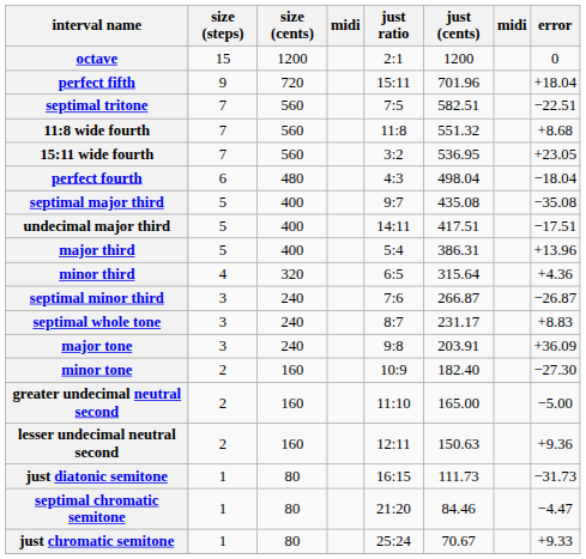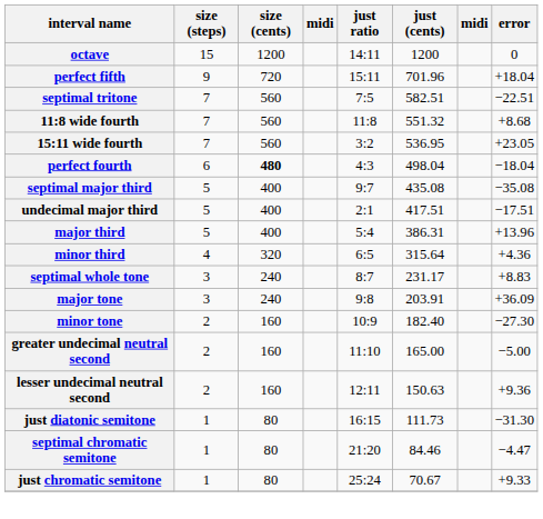 <table class="wikitable sortable">
 <tr>
 <th scope="col">interval name</th>
 <th scope="col">size (steps)</th>
 <th scope="col">size (cents)</th>
 <th scope="col">midi</th>
 <th scope="col">just ratio</th>
 <th scope="col">just (cents)</th>
 <th scope="col">midi</th>
 <th scope="col">error</th>
 </tr>
 <tr>
 <th scope="row"><a href='#'>octave</a></th>
 <td align=center>15</td>
 <td align=center>1200</td>
 <td align=center></td>
-<td align=center>2:1</td>
+<td align=center>14:11</td>
 <td align=center>1200</td>
 <td align=center></td>
 <td align=center>0</td>
 </tr>
 <tr>
 <th scope="row"><a href='#'>perfect fifth</a></th>
 <td align=center>9</td>
 <td align=center>720</td>
 <td align=center></td>
 <td align=center>15:11</td>
 <td align=center>701.96</td>
 <td align=center></td>
 <td align=center>+18.04</td>
 </tr>
 <tr>
 <th scope="row"><a href='#'>septimal tritone</a></th>
 <td align=center>7</td>
 <td align=center>560</td>
 <td align=center></td>
 <td align=center>7:5</td>
 <td align=center>582.51</td>
 <td align=center></td>
 <td align=center>−22.51</td>
 </tr>
 <tr>
 <th scope="row">11:8 wide fourth</th>
 <td align=center>7</td>
 <td align=center>560</td>
 <td align=center></td>
 <td align=center>11:8</td>
 <td align=center>551.32</td>
 <td align=center></td>
 <td align=center>+8.68</td>
 </tr>
 <tr>
 <th scope="row">15:11 wide fourth</th>
 <td align=center>7</td>
 <td align=center>560</td>
 <td align=center></td>
 <td align=center>3:2</td>
 <td align=center>536.95</td>
 <td align=center></td>
 <td align=center>+23.05</td>
 </tr>
 <tr>
 <th scope="row"><a href='#'>perfect fourth</a></th>
 <td align=center>6</td>
-<td align=center>480</td>
+<td align=center><strong>480</strong></td>
 <td align=center></td>
 <td align=center>4:3</td>
 <td align=center>498.04</td>
 <td align=center></td>
 <td align=center>−18.04</td>
 </tr>
 <tr>
 <th scope="row"><a href='#'>septimal major third</a></th>
 <td align=center>5</td>
 <td align=center>400</td>
 <td align=center></td>
 <td align=center>9:7</td>
 <td align=center>435.08</td>
 <td align=center></td>
 <td align=center>−35.08</td>
 </tr>
 <tr>
 <th scope="row">undecimal major third</th>
 <td align=center>5</td>
 <td align=center>400</td>
 <td align=center></td>
-<td align=center>14:11</td>
+<td align=center>2:1</td>
 <td align=center>417.51</td>
 <td align=center></td>
 <td align=center>−17.51</td>
 </tr>
 <tr>
 <th scope="row"><a href='#'>major third</a></th>
 <td align=center>5</td>
 <td align=center>400</td>
 <td align=center></td>
 <td align=center>5:4</td>
 <td align=center>386.31</td>
 <td align=center></td>
 <td align=center>+13.96</td>
 </tr>
 <tr>
 <th scope="row"><a href='#'>minor third</a></th>
 <td align=center>4</td>
 <td align=center>320</td>
 <td align=center></td>
 <td align=center>6:5</td>
 <td align=center>315.64</td>
 <td align=center></td>
 <td align=center>+4.36</td>
-</tr>
-<tr>
-<th scope="row"><a href='#'>septimal minor third</a></th>
-<td align=center>3</td>
-<td align=center>240</td>
-<td align=center></td>
-<td align=center>7:6</td>
-<td align=center>266.87</td>
-<td align=center></td>
-<td align=center>−26.87</td>
 </tr>
 <tr>
 <th scope="row"><a href='#'>septimal whole tone</a></th>
 <td align=center>3</td>
 <td align=center>240</td>
 <td align=center></td>
 <td align=center>8:7</td>
 <td align=center>231.17</td>
 <td align=center></td>
 <td align=center>+8.83</td>
 </tr>
 <tr>
 <th scope="row"><a href='#'>major tone</a></th>
 <td align=center>3</td>
 <td align=center>240</td>
 <td align=center></td>
 <td align=center>9:8</td>
 <td align=center>203.91</td>
 <td align=center></td>
 <td align=center>+36.09</td>
 </tr>
 <tr>
 <th scope="row"><a href='#'>minor tone</a></th>
 <td align=center>2</td>
 <td align=center>160</td>
 <td align=center></td>
 <td align=center>10:9</td>
 <td align=center>182.40</td>
 <td align=center></td>
 <td align=center>−27.30</td>
 </tr>
 <tr>
 <th scope="row">greater undecimal <a href='#'>neutral second</a></th>
 <td align=center>2</td>
 <td align=center>160</td>
 <td align=center></td>
 <td align=center>11:10</td>
 <td align=center>165.00</td>
 <td align=center></td>
 <td align=center>−5.00</td>
 </tr>
 <tr>
 <th scope="row">lesser undecimal neutral second</th>
 <td align=center>2</td>
 <td align=center>160</td>
 <td align=center></td>
 <td align=center>12:11</td>
 <td align=center>150.63</td>
 <td align=center></td>
 <td align=center>+9.36</td>
 </tr>
 <tr>
 <th scope="row">just <a href='#'>diatonic semitone</a></th>
 <td align=center>1</td>
 <td align=center>80</td>
 <td align=center></td>
 <td align=center>16:15</td>
 <td align=center>111.73</td>
 <td align=center></td>
-<td align=center>−31.73</td>
+<td align=center>−31.30</td>
 </tr>
 <tr>
 <th scope="row"><a href='#'>septimal chromatic semitone</a></th>
 <td align=center>1</td>
 <td align=center>80</td>
 <td align=center></td>
 <td align=center>21:20</td>
 <td align=center>84.46</td>
 <td align=center></td>
 <td align=center>−4.47</td>
 </tr>
 <tr>
 <th scope="row">just <a href='#'>chromatic semitone</a></th>
 <td align=center>1</td>
 <td align=center>80</td>
 <td align=center></td>
 <td align=center>25:24</td>
 <td align=center>70.67</td>
 <td align=center></td>
 <td align=center>+9.33</td>
 </tr>
 <tr>
 </tr>
 </table>
